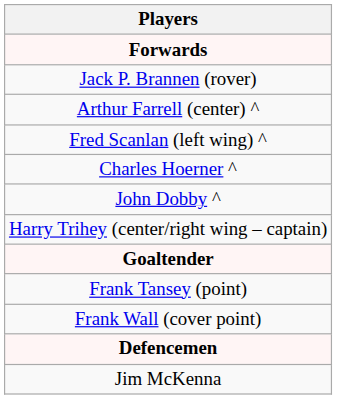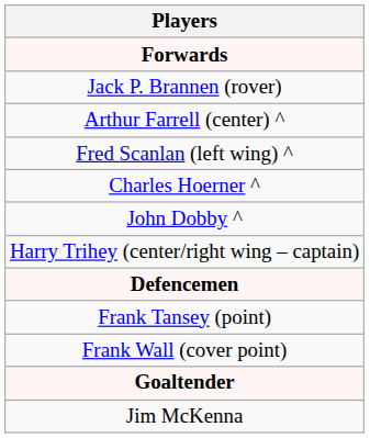 <table class="wikitable" style="text-align:center;">
 <tr>
 <th>Players</th>
 </tr>
 <tr style="font-weight:bold; background-color:#FFF5F5;">
 <td colspan="1" align="center"><strong>Forwards</strong></td>
 </tr>
 <tr>
 <td><a href='#'>Jack P. Brannen</a> (rover)</td>
 </tr>
 <tr>
 <td><a href='#'>Arthur Farrell</a> (center) ^</td>
 </tr>
 <tr>
 <td><a href='#'>Fred Scanlan</a> (left wing) ^</td>
 </tr>
 <tr>
 <td><a href='#'>Charles Hoerner</a> ^</td>
 </tr>
 <tr>
 <td><a href='#'>John Dobby</a> ^</td>
 </tr>
 <tr>
 <td><a href='#'>Harry Trihey</a> (center/right wing – captain)</td>
 </tr>
 <tr style="font-weight:bold; background-color:#FFF5F5;">
-<td colspan="1" align="center"><strong>Goaltender</strong></td>
+<td colspan="1" align="center"><strong>Defencemen</strong></td>
 </tr>
 <tr>
 <td><a href='#'>Frank Tansey</a> (point)</td>
 </tr>
 <tr>
 <td><a href='#'>Frank Wall</a> (cover point)</td>
 </tr>
 <tr style="font-weight:bold; background-color:#FFF5F5;">
-<td colspan="1" align="center"><strong>Defencemen</strong></td>
+<td colspan="1" align="center"><strong>Goaltender</strong></td>
 </tr>
 <tr>
 <td>Jim McKenna</td>
 </tr>
 </table>
